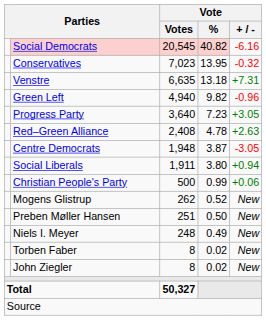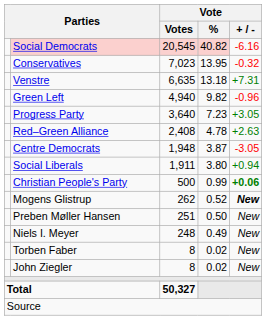 <table class="wikitable" style="text-align:right;">
 <tr>
 <th style="text-align:centre;" rowspan="2" colspan="2" width="225">Parties</th>
 <th colspan="3">Vote</th>
 </tr>
 <tr>
 <th width="15">Votes</th>
 <th width="15">%</th>
 <th width="15">+ / -</th>
 </tr>
 <tr>
 <td width="2" style="color:inherit;background:"></td>
 <td bgcolor=#fbd0ce  align="left"><a href='#'>Social Democrats</a></td>
 <td bgcolor=#fbd0ce>20,545</td>
 <td bgcolor=#fbd0ce>40.82</td>
 <td style=color:red;>-6.16</td>
 </tr>
 <tr>
 <td width="2" style="color:inherit;background:"></td>
 <td align="left"><a href='#'>Conservatives</a></td>
 <td>7,023</td>
 <td>13.95</td>
 <td style=color:red;>-0.32</td>
 </tr>
 <tr>
 <td width="2" style="color:inherit;background:"></td>
 <td align="left"><a href='#'>Venstre</a></td>
 <td>6,635</td>
 <td>13.18</td>
 <td style=color:green;>+7.31</td>
 </tr>
 <tr>
 <td width="2" style="color:inherit;background:"></td>
 <td align="left"><a href='#'>Green Left</a></td>
 <td>4,940</td>
 <td>9.82</td>
 <td style=color:red;>-0.96</td>
 </tr>
 <tr>
 <td width="2" style="color:inherit;background:"></td>
 <td align="left"><a href='#'>Progress Party</a></td>
 <td>3,640</td>
 <td>7.23</td>
 <td style=color:green;>+3.05</td>
 </tr>
 <tr>
 <td width="2" style="color:inherit;background:"></td>
 <td align="left"><a href='#'>Red–Green Alliance</a></td>
 <td>2,408</td>
 <td>4.78</td>
 <td style=color:green;>+2.63</td>
 </tr>
 <tr>
 <td width="2" style="color:inherit;background:"></td>
 <td align="left"><a href='#'>Centre Democrats</a></td>
 <td>1,948</td>
 <td>3.87</td>
 <td style=color:red;>-3.05</td>
 </tr>
 <tr>
 <td width="2" style="color:inherit;background:"></td>
 <td align="left"><a href='#'>Social Liberals</a></td>
 <td>1,911</td>
 <td>3.80</td>
 <td style=color:green;>+0.94</td>
 </tr>
 <tr>
 <td width="2" style="color:inherit;background:"></td>
 <td align="left"><a href='#'>Christian People's Party</a></td>
 <td>500</td>
 <td>0.99</td>
-<td style=color:green;>+0.06</td>
+<td style=color:green;><strong>+0.06</strong></td>
 </tr>
 <tr>
 <td width="2" style="color:inherit;background:"></td>
 <td align="left">Mogens Glistrup</td>
 <td>262</td>
 <td>0.52</td>
-<td><em>New</em></td>
+<td><strong><em>New</em></strong></td>
 </tr>
 <tr>
 <td width="2" style="color:inherit;background:"></td>
 <td align="left">Preben Møller Hansen</td>
 <td>251</td>
 <td>0.50</td>
 <td><em>New</em></td>
 </tr>
 <tr>
 <td width="2" style="color:inherit;background:"></td>
 <td align="left">Niels I. Meyer</td>
 <td>248</td>
 <td>0.49</td>
 <td><em>New</em></td>
 </tr>
 <tr>
 <td width="2" style="color:inherit;background:"></td>
 <td align="left">Torben Faber</td>
 <td>8</td>
 <td>0.02</td>
 <td><em>New</em></td>
 </tr>
 <tr>
 <td width="2" style="color:inherit;background:"></td>
 <td align="left">John Ziegler</td>
 <td>8</td>
 <td>0.02</td>
 <td><em>New</em></td>
 </tr>
 <tr>
 <td colspan="7" bgcolor="#E9E9E9"></td>
 </tr>
 <tr>
 <td align="left" colspan="2"><strong>Total</strong></td>
 <td><strong>50,327</strong></td>
 <td bgcolor="#E9E9E9" colspan="2"></td>
 </tr>
 <tr>
 <td align="left" colspan="6">Source</td>
 </tr>
 </table>
